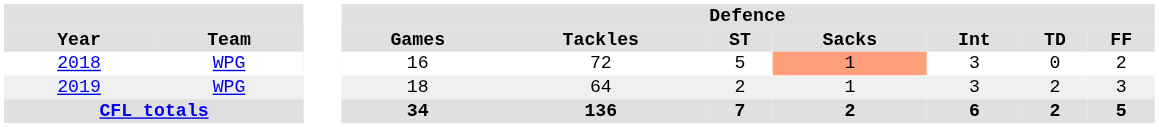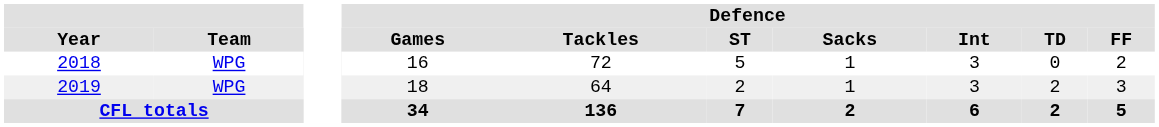 <table BORDER="0" CELLPADDING="1" CELLSPACING="0" width="65%" style="text-align:center">
 <tr bgcolor="#e0e0e0">
 <th colspan="2"></th>
 <th rowspan="100" bgcolor="#ffffff"> </th>
 <th colspan="7">Defence</th>
 </tr>
 <tr bgcolor="#e0e0e0">
 <th>Year</th>
 <th>Team</th>
 <th>Games</th>
 <th>Tackles</th>
 <th>ST</th>
 <th>Sacks</th>
 <th>Int</th>
 <th>TD</th>
 <th>FF</th>
 </tr>
 <tr>
 <td><a href='#'>2018</a></td>
 <td><a href='#'>WPG</a></td>
 <td>16</td>
 <td>72</td>
 <td>5</td>
-<td style="background: lightsalmon;">1</td>
+<td>1</td>
 <td>3</td>
 <td>0</td>
 <td>2</td>
 </tr>
 <tr ALIGN="center" bgcolor="#f0f0f0">
 <td><a href='#'>2019</a></td>
 <td><a href='#'>WPG</a></td>
 <td>18</td>
 <td>64</td>
 <td>2</td>
 <td>1</td>
 <td>3</td>
 <td>2</td>
 <td>3</td>
 </tr>
 <tr>
 </tr>
 <tr bgcolor="#e0e0e0">
 <th colspan="2"><a href='#'>CFL totals</a></th>
 <th>34</th>
 <th>136</th>
 <th>7</th>
 <th>2</th>
 <th>6</th>
 <th>2</th>
 <th>5</th>
 </tr>
 </table>
